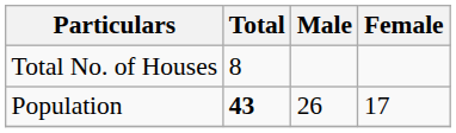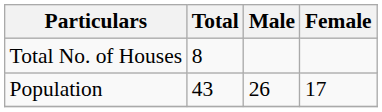 <table class="wikitable sortable">
 <tr>
 <th>Particulars</th>
 <th>Total</th>
 <th>Male</th>
 <th>Female</th>
 </tr>
 <tr>
 <td>Total No. of Houses</td>
 <td>8</td>
 <td></td>
 <td></td>
 </tr>
 <tr>
 <td>Population</td>
-<td><strong>43</strong></td>
+<td>43</td>
 <td>26</td>
 <td>17</td>
 </tr>
 <tr>
 </tr>
 </table>
